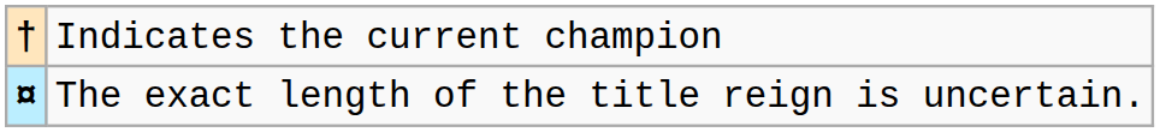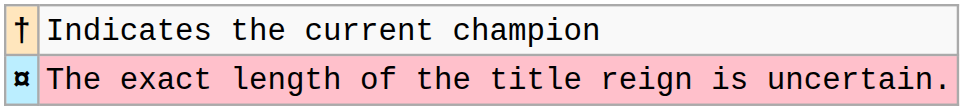 <table class="wikitable">
 <tr>
 <th style="background-color:#FFE6BD">†</th>
 <td>Indicates the current champion</td>
 </tr>
 <tr>
 <th style="background-color:#bbeeff">¤</th>
-<td>The exact length of the title reign is uncertain.</td>
+<td style="background: pink;">The exact length of the title reign is uncertain.</td>
 </tr>
 </table>
